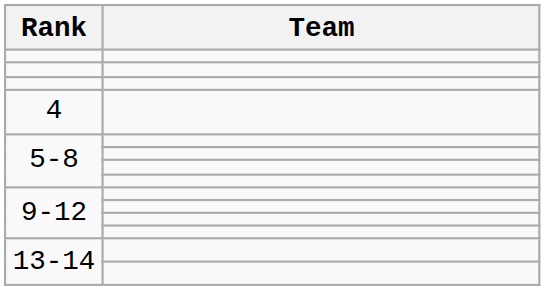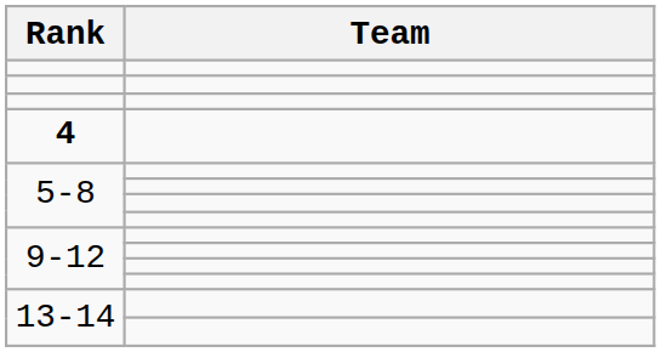 <table class="wikitable" style="text-align: center;">
 <tr>
 <th width=40>Rank</th>
 <th width=200>Team</th>
 </tr>
 <tr>
 <td></td>
 <td align=left></td>
 </tr>
 <tr>
 <td></td>
 <td align=left></td>
 </tr>
 <tr>
 <td></td>
 <td align=left></td>
 </tr>
 <tr>
-<td>4</td>
+<td><strong>4</strong></td>
 <td align=left></td>
 </tr>
 <tr>
 <td rowspan=4>5-8</td>
 <td align=left></td>
 </tr>
 <tr>
 <td align=left></td>
 </tr>
 <tr>
 <td align=left></td>
 </tr>
 <tr>
 <td align=left></td>
 </tr>
 <tr>
 <td rowspan=4>9-12</td>
 <td align=left></td>
 </tr>
 <tr>
 <td align=left></td>
 </tr>
 <tr>
 <td align=left></td>
 </tr>
 <tr>
 <td align=left></td>
 </tr>
 <tr>
 <td rowspan=2>13-14</td>
 <td align=left></td>
 </tr>
 <tr>
 <td align=left></td>
 </tr>
 </table>
